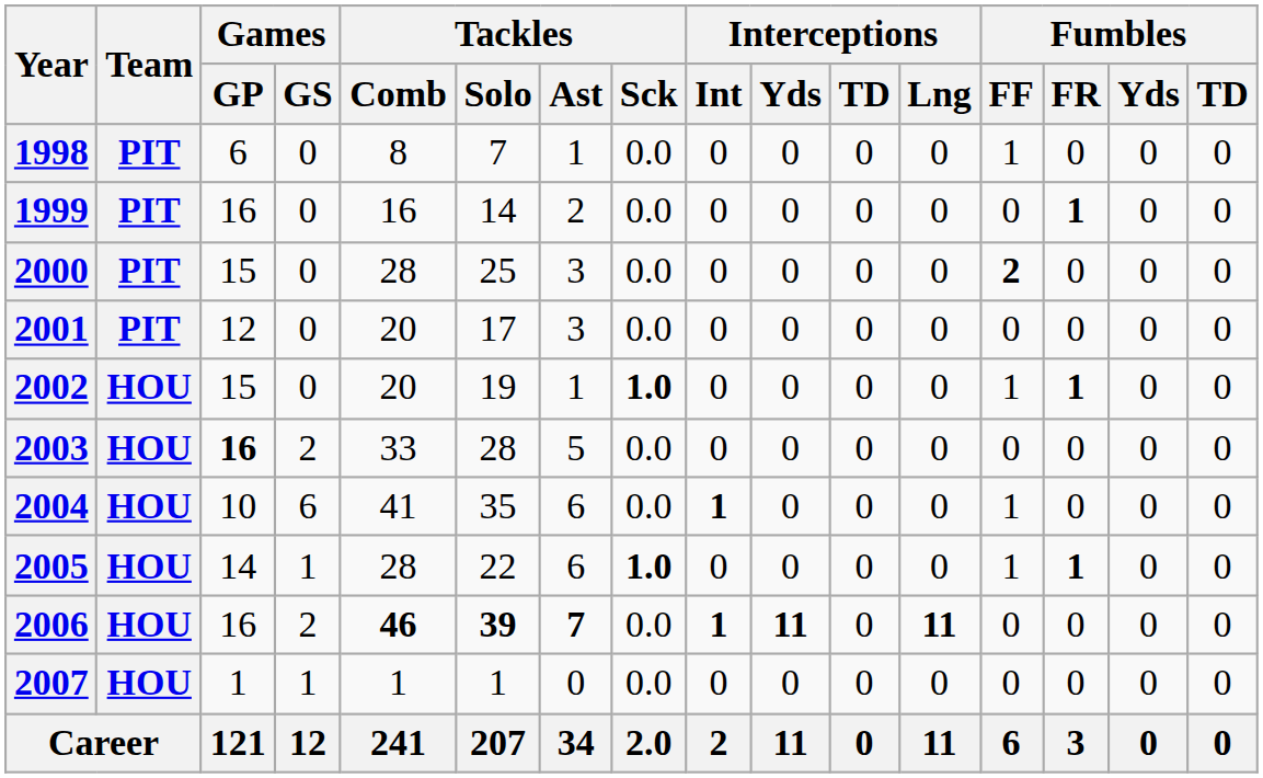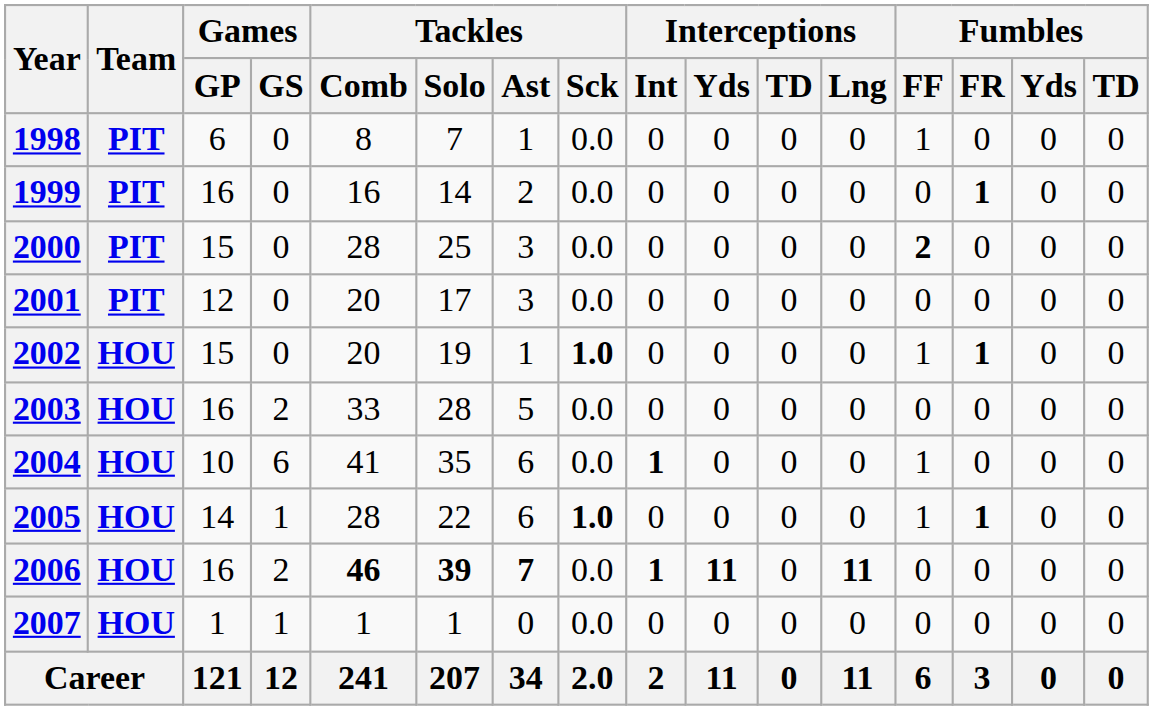 <table class="wikitable" style="text-align:center">
 <tr>
 <th rowspan="2">Year</th>
 <th rowspan="2">Team</th>
 <th colspan="2">Games</th>
 <th colspan="4">Tackles</th>
 <th colspan="4">Interceptions</th>
 <th colspan="4">Fumbles</th>
 </tr>
 <tr>
 <th>GP</th>
 <th>GS</th>
 <th>Comb</th>
 <th>Solo</th>
 <th>Ast</th>
 <th>Sck</th>
 <th>Int</th>
 <th>Yds</th>
 <th>TD</th>
 <th>Lng</th>
 <th>FF</th>
 <th>FR</th>
 <th>Yds</th>
 <th>TD</th>
 </tr>
 <tr>
 <th><a href='#'>1998</a></th>
 <th><a href='#'>PIT</a></th>
 <td>6</td>
 <td>0</td>
 <td>8</td>
 <td>7</td>
 <td>1</td>
 <td>0.0</td>
 <td>0</td>
 <td>0</td>
 <td>0</td>
 <td>0</td>
 <td>1</td>
 <td>0</td>
 <td>0</td>
 <td>0</td>
 </tr>
 <tr>
 <th><a href='#'>1999</a></th>
 <th><a href='#'>PIT</a></th>
 <td>16</td>
 <td>0</td>
 <td>16</td>
 <td>14</td>
 <td>2</td>
 <td>0.0</td>
 <td>0</td>
 <td>0</td>
 <td>0</td>
 <td>0</td>
 <td>0</td>
 <td><strong>1</strong></td>
 <td>0</td>
 <td>0</td>
 </tr>
 <tr>
 <th><a href='#'>2000</a></th>
 <th><a href='#'>PIT</a></th>
 <td>15</td>
 <td>0</td>
 <td>28</td>
 <td>25</td>
 <td>3</td>
 <td>0.0</td>
 <td>0</td>
 <td>0</td>
 <td>0</td>
 <td>0</td>
 <td><strong>2</strong></td>
 <td>0</td>
 <td>0</td>
 <td>0</td>
 </tr>
 <tr>
 <th><a href='#'>2001</a></th>
 <th><a href='#'>PIT</a></th>
 <td>12</td>
 <td>0</td>
 <td>20</td>
 <td>17</td>
 <td>3</td>
 <td>0.0</td>
 <td>0</td>
 <td>0</td>
 <td>0</td>
 <td>0</td>
 <td>0</td>
 <td>0</td>
 <td>0</td>
 <td>0</td>
 </tr>
 <tr>
 <th><a href='#'>2002</a></th>
 <th><a href='#'>HOU</a></th>
 <td>15</td>
 <td>0</td>
 <td>20</td>
 <td>19</td>
 <td>1</td>
 <td><strong>1.0</strong></td>
 <td>0</td>
 <td>0</td>
 <td>0</td>
 <td>0</td>
 <td>1</td>
 <td><strong>1</strong></td>
 <td>0</td>
 <td>0</td>
 </tr>
 <tr>
 <th><a href='#'>2003</a></th>
 <th><a href='#'>HOU</a></th>
-<td><strong>16</strong></td>
+<td>16</td>
 <td>2</td>
 <td>33</td>
 <td>28</td>
 <td>5</td>
 <td>0.0</td>
 <td>0</td>
 <td>0</td>
 <td>0</td>
 <td>0</td>
 <td>0</td>
 <td>0</td>
 <td>0</td>
 <td>0</td>
 </tr>
 <tr>
 <th><a href='#'>2004</a></th>
 <th><a href='#'>HOU</a></th>
 <td>10</td>
 <td>6</td>
 <td>41</td>
 <td>35</td>
 <td>6</td>
 <td>0.0</td>
 <td><strong>1</strong></td>
 <td>0</td>
 <td>0</td>
 <td>0</td>
 <td>1</td>
 <td>0</td>
 <td>0</td>
 <td>0</td>
 </tr>
 <tr>
 <th><a href='#'>2005</a></th>
 <th><a href='#'>HOU</a></th>
 <td>14</td>
 <td>1</td>
 <td>28</td>
 <td>22</td>
 <td>6</td>
 <td><strong>1.0</strong></td>
 <td>0</td>
 <td>0</td>
 <td>0</td>
 <td>0</td>
 <td>1</td>
 <td><strong>1</strong></td>
 <td>0</td>
 <td>0</td>
 </tr>
 <tr>
 <th><a href='#'>2006</a></th>
 <th><a href='#'>HOU</a></th>
 <td>16</td>
 <td>2</td>
 <td><strong>46</strong></td>
 <td><strong>39</strong></td>
 <td><strong>7</strong></td>
 <td>0.0</td>
 <td><strong>1</strong></td>
 <td><strong>11</strong></td>
 <td>0</td>
 <td><strong>11</strong></td>
 <td>0</td>
 <td>0</td>
 <td>0</td>
 <td>0</td>
 </tr>
 <tr>
 <th><a href='#'>2007</a></th>
 <th><a href='#'>HOU</a></th>
 <td>1</td>
 <td>1</td>
 <td>1</td>
 <td>1</td>
 <td>0</td>
 <td>0.0</td>
 <td>0</td>
 <td>0</td>
 <td>0</td>
 <td>0</td>
 <td>0</td>
 <td>0</td>
 <td>0</td>
 <td>0</td>
 </tr>
 <tr>
 <th colspan="2">Career</th>
 <th>121</th>
 <th>12</th>
 <th>241</th>
 <th>207</th>
 <th>34</th>
 <th>2.0</th>
 <th>2</th>
 <th>11</th>
 <th>0</th>
 <th>11</th>
 <th>6</th>
 <th>3</th>
 <th>0</th>
 <th>0</th>
 </tr>
 </table>
